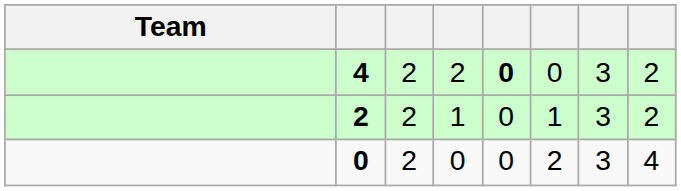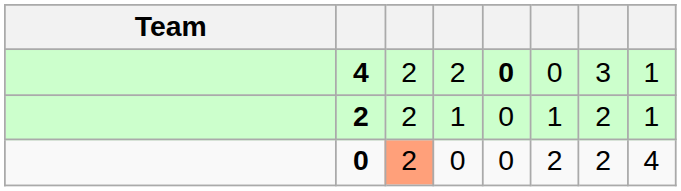 <table class="wikitable" style="text-align: center;">
 <tr>
 <th width=180>Team</th>
 <th width=20></th>
 <th width=20></th>
 <th width=20></th>
 <th width=20></th>
 <th width=20></th>
 <th width=20></th>
 <th width=20></th>
 </tr>
 <tr bgcolor=ccffcc>
 <td align=left></td>
 <td><strong>4</strong></td>
 <td>2</td>
 <td>2</td>
 <td><strong>0</strong></td>
 <td>0</td>
 <td>3</td>
-<td>2</td>
+<td>1</td>
 </tr>
 <tr bgcolor=ccffcc>
 <td align=left></td>
 <td><strong>2</strong></td>
 <td>2</td>
 <td>1</td>
 <td>0</td>
 <td>1</td>
-<td>3</td>
 <td>2</td>
+<td>1</td>
 </tr>
 <tr>
 <td align=left></td>
 <td><strong>0</strong></td>
-<td>2</td>
+<td style="background: lightsalmon;">2</td>
 <td>0</td>
 <td>0</td>
 <td>2</td>
-<td>3</td>
+<td>2</td>
 <td>4</td>
 </tr>
 </table>
